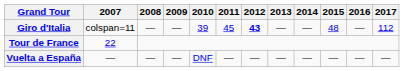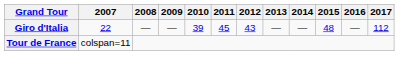 <table class="wikitable plainrowheaders">
 <tr>
 <th scope="col"><a href='#'>Grand Tour</a></th>
 <th scope="col">2007</th>
 <th scope="col">2008</th>
 <th scope="col">2009</th>
 <th scope="col">2010</th>
 <th scope="col">2011</th>
 <th scope="col">2012</th>
 <th scope="col">2013</th>
 <th scope="col">2014</th>
 <th scope="col">2015</th>
 <th scope="col">2016</th>
 <th scope="col">2017</th>
 </tr>
 <tr style="text-align:center;">
 <th scope="row"> <a href='#'>Giro d'Italia</a></th>
-<td>colspan=11 </td>
+<td><a href='#'>22</a></td>
 <td>—</td>
 <td>—</td>
 <td><a href='#'>39</a></td>
 <td><a href='#'>45</a></td>
-<td><strong><a href='#'>43</a></strong></td>
+<td><a href='#'>43</a></td>
 <td>—</td>
 <td>—</td>
 <td><a href='#'>48</a></td>
 <td>—</td>
 <td><a href='#'>112</a></td>
 </tr>
 <tr style="text-align:center;">
 <th scope="row"> <a href='#'>Tour de France</a></th>
-<td><a href='#'>22</a></td>
-</tr>
-<tr style="text-align:center;">
-<th scope="row"> <a href='#'>Vuelta a España</a></th>
-<td>—</td>
-<td>—</td>
-<td>—</td>
-<td><a href='#'>DNF</a></td>
-<td>—</td>
-<td>—</td>
-<td>—</td>
-<td>—</td>
-<td>—</td>
-<td>—</td>
-<td>—</td>
+<td>colspan=11 </td>
 </tr>
 </table>
